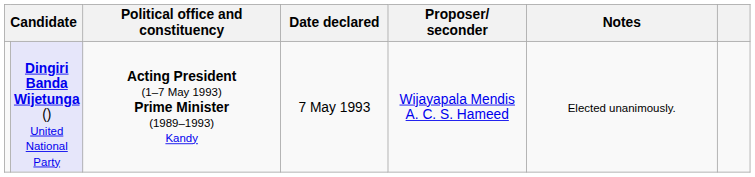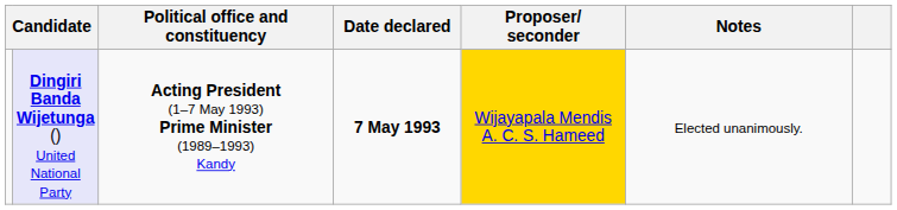 <table class="wikitable sortable" style="text-align:center">
 <tr>
 <th scope="col" style="width: 200px;" colspan=2>Candidate</th>
 <th scope="col" style="width: 300px;">Political office and constituency</th>
 <th scope="col" style="width: 150px;">Date declared</th>
 <th scope="col" style="width: 200px;">Proposer/<br>seconder</th>
 <th scope="col" style="width: 300px;">Notes</th>
 <th scope="col" style="width: 50px;" ! class="unsortable"></th>
 </tr>
 <tr>
 <td></td>
 <td style="background:lavender;"><br><strong><a href='#'>Dingiri Banda Wijetunga</a></strong> ()<br><small><a href='#'>United National Party </a></small></td>
 <td><strong>Acting President</strong><br><small>(1–7 May 1993)</small><br><strong>Prime Minister</strong><br><small>(1989–1993)<br><a href='#'>Kandy</a></small></td>
-<td>7 May 1993</td>
-<td><a href='#'>Wijayapala Mendis</a><br><a href='#'>A. C. S. Hameed</a></td>
+<td><strong>7 May 1993</strong></td>
+<td style="background: gold;"><a href='#'>Wijayapala Mendis</a><br><a href='#'>A. C. S. Hameed</a></td>
 <td><small>Elected unanimously.</small></td>
 <td></td>
 </tr>
 </table>
